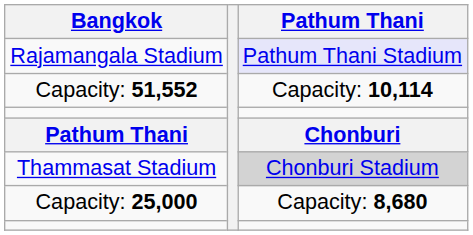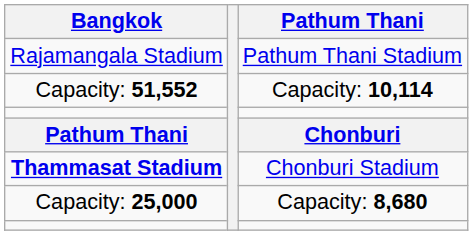 <table class="wikitable" style="text-align:center;margin: 1em auto;">
 <tr>
 <th><a href='#'>Bangkok</a></th>
 <th rowspan="8" text-align="center"></th>
 <th><a href='#'>Pathum Thani</a></th>
 </tr>
 <tr>
 <td><a href='#'>Rajamangala Stadium</a></td>
-<td style="background: lavender;"><a href='#'>Pathum Thani Stadium</a></td>
+<td><a href='#'>Pathum Thani Stadium</a></td>
 </tr>
 <tr>
 <td>Capacity: <strong>51,552</strong></td>
 <td>Capacity: <strong>10,114</strong></td>
 </tr>
 <tr>
 <td></td>
 <td></td>
 </tr>
 <tr>
 <th><a href='#'>Pathum Thani</a></th>
 <th><a href='#'>Chonburi</a></th>
 </tr>
 <tr>
-<td><a href='#'>Thammasat Stadium</a></td>
-<td style="background: lightgrey;"><a href='#'>Chonburi Stadium</a></td>
+<td><strong><a href='#'>Thammasat Stadium</a></strong></td>
+<td><a href='#'>Chonburi Stadium</a></td>
 </tr>
 <tr>
 <td>Capacity: <strong>25,000</strong></td>
 <td>Capacity: <strong>8,680</strong></td>
 </tr>
 <tr>
 <td></td>
 <td></td>
 </tr>
 </table>
